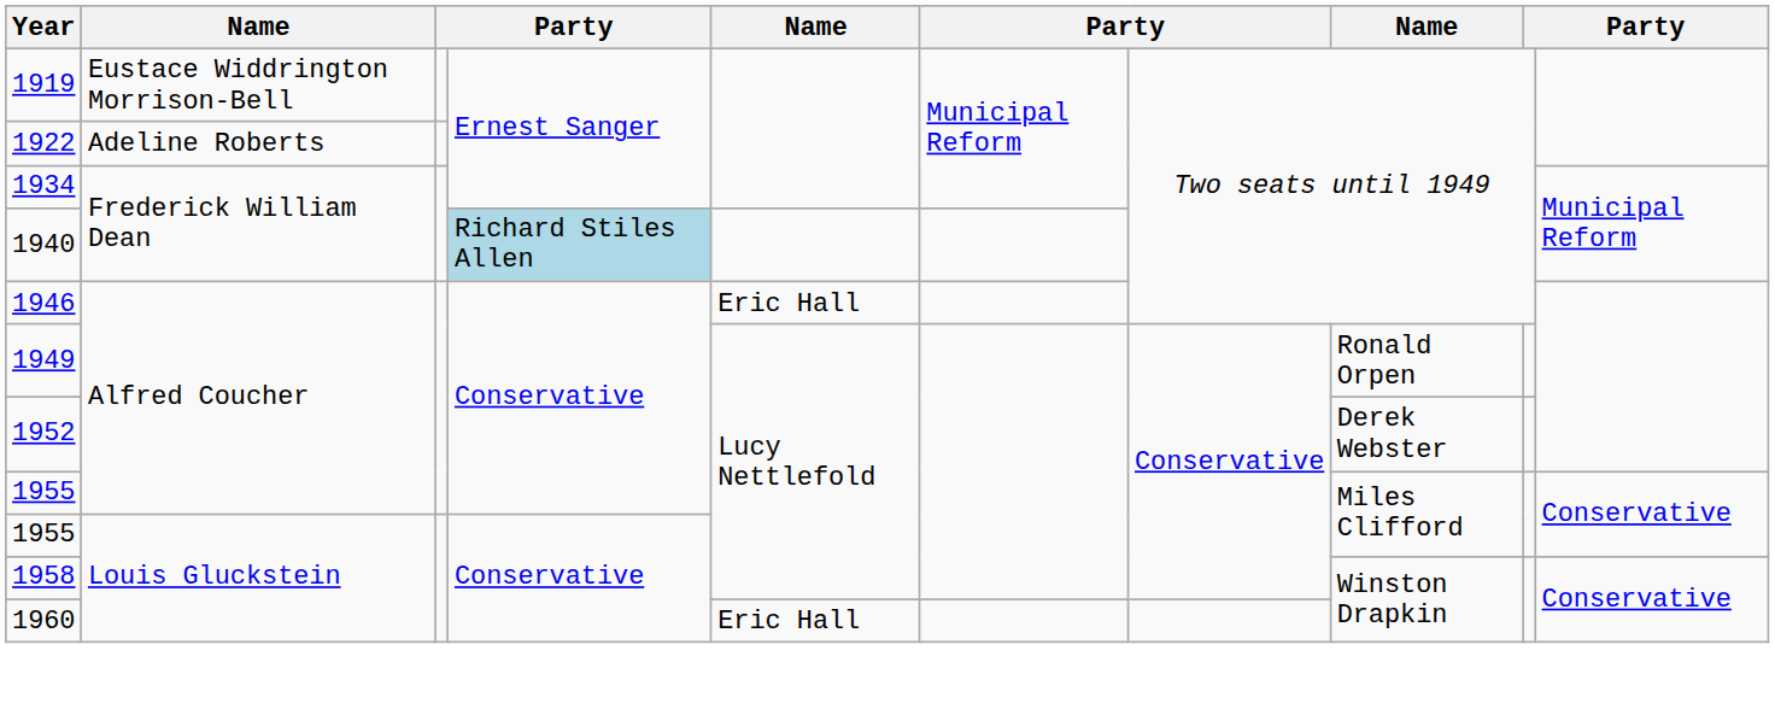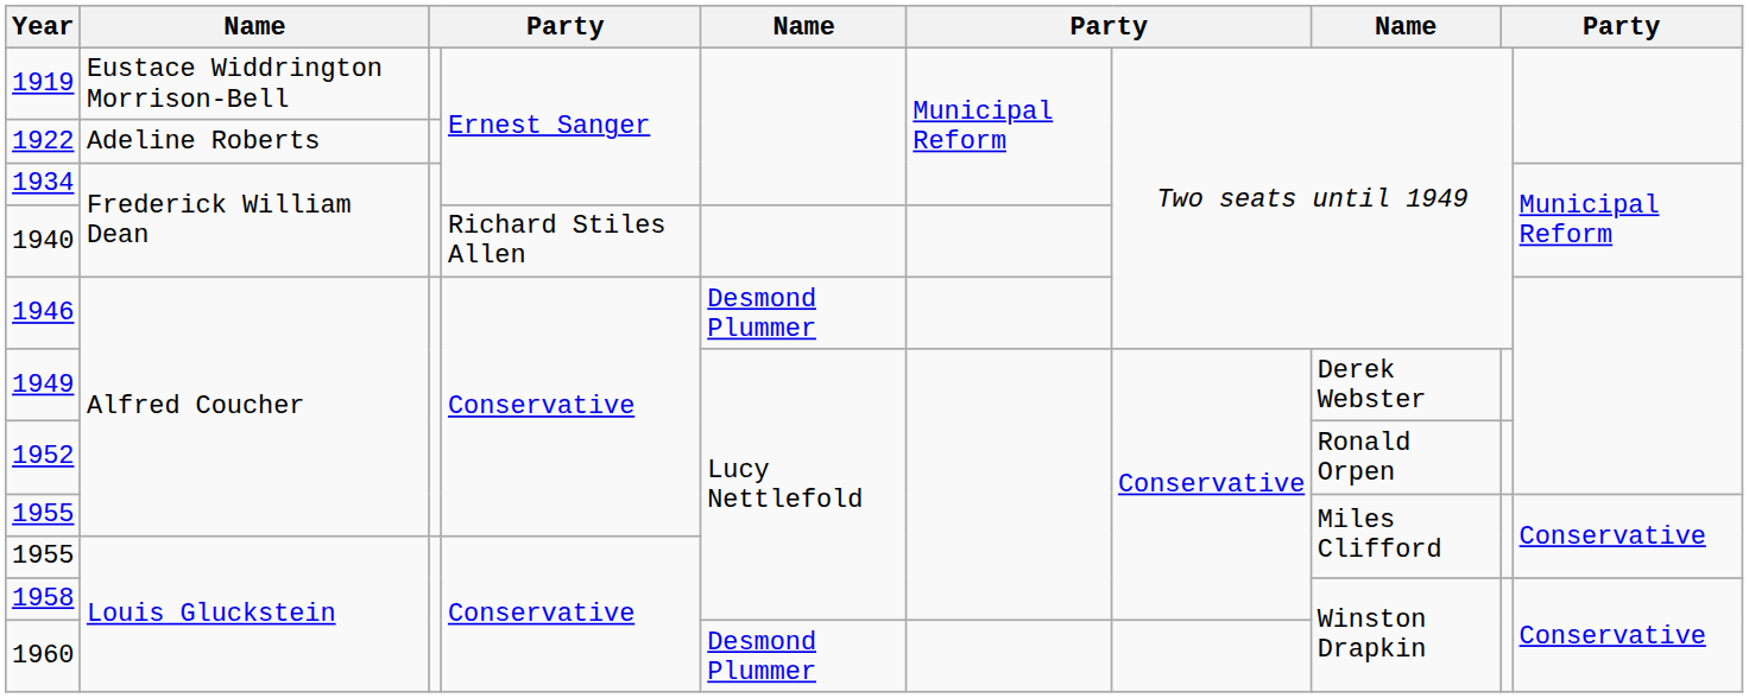 <table class="wikitable">
 <tr>
 <th>Year</th>
 <th>Name</th>
 <th colspan=2>Party</th>
 <th>Name</th>
 <th colspan=2>Party</th>
 <th>Name</th>
 <th colspan=2>Party</th>
 </tr>
 <tr>
 <td><a href='#'>1919</a></td>
 <td>Eustace Widdrington Morrison-Bell</td>
 <td></td>
 <td rowspan=3><a href='#'>Ernest Sanger</a></td>
 <td rowspan=3 style="background-color: "></td>
 <td rowspan=3><a href='#'>Municipal Reform</a></td>
 <td rowspan=5 colspan=3 align="center"><em>Two seats until 1949</em></td>
 </tr>
 <tr>
 <td><a href='#'>1922</a></td>
 <td>Adeline Roberts</td>
 <td></td>
 </tr>
 <tr>
 <td><a href='#'>1934</a></td>
 <td rowspan=2>Frederick William Dean</td>
 <td rowspan=2 style="background-color: "></td>
 <td rowspan=2><a href='#'>Municipal Reform</a></td>
 </tr>
 <tr>
 <td>1940</td>
-<td style="background: lightblue;">Richard Stiles Allen</td>
+<td>Richard Stiles Allen</td>
 <td></td>
 </tr>
 <tr>
 <td><a href='#'>1946</a></td>
 <td rowspan=4>Alfred Coucher</td>
 <td rowspan=4 style="background-color: "></td>
 <td rowspan=4><a href='#'>Conservative</a></td>
-<td>Eric Hall</td>
+<td><a href='#'>Desmond Plummer</a></td>
 <td></td>
 </tr>
 <tr>
 <td><a href='#'>1949</a></td>
 <td rowspan=5>Lucy Nettlefold</td>
 <td rowspan=5 style="background-color: "></td>
 <td rowspan=5><a href='#'>Conservative</a></td>
-<td>Ronald Orpen</td>
+<td>Derek Webster</td>
 <td></td>
 </tr>
 <tr>
 <td><a href='#'>1952</a></td>
-<td>Derek Webster</td>
+<td>Ronald Orpen</td>
 <td></td>
 </tr>
 <tr>
 <td><a href='#'>1955</a></td>
 <td rowspan=2>Miles Clifford</td>
 <td rowspan=2 style="background-color: "></td>
 <td rowspan=2><a href='#'>Conservative</a></td>
 </tr>
 <tr>
 <td>1955</td>
 <td rowspan=3><a href='#'>Louis Gluckstein</a></td>
 <td rowspan=3 style="background-color: "></td>
 <td rowspan=3><a href='#'>Conservative</a></td>
 </tr>
 <tr>
 <td><a href='#'>1958</a></td>
 <td rowspan=2>Winston Drapkin</td>
 <td rowspan=2 style="background-color: "></td>
 <td rowspan=2><a href='#'>Conservative</a></td>
 </tr>
 <tr>
 <td>1960</td>
-<td>Eric Hall</td>
+<td><a href='#'>Desmond Plummer</a></td>
 <td></td>
 </tr>
 </table>
